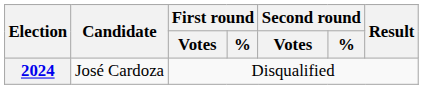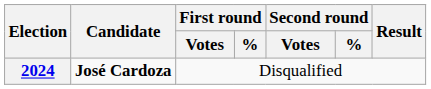 <table class="wikitable" style="text-align:center">
 <tr>
 <th rowspan="2"><strong>Election</strong></th>
 <th rowspan="2">Candidate</th>
 <th colspan="2" scope="col">First round</th>
 <th colspan="2">Second round</th>
 <th rowspan="2">Result</th>
 </tr>
 <tr>
 <th><strong>Votes</strong></th>
 <th><strong>%</strong></th>
 <th><strong>Votes</strong></th>
 <th><strong>%</strong></th>
 </tr>
 <tr>
 <th><a href='#'>2024</a></th>
-<td>José Cardoza</td>
+<td><strong>José Cardoza</strong></td>
 <td colspan="5">Disqualified</td>
 </tr>
 </table>
